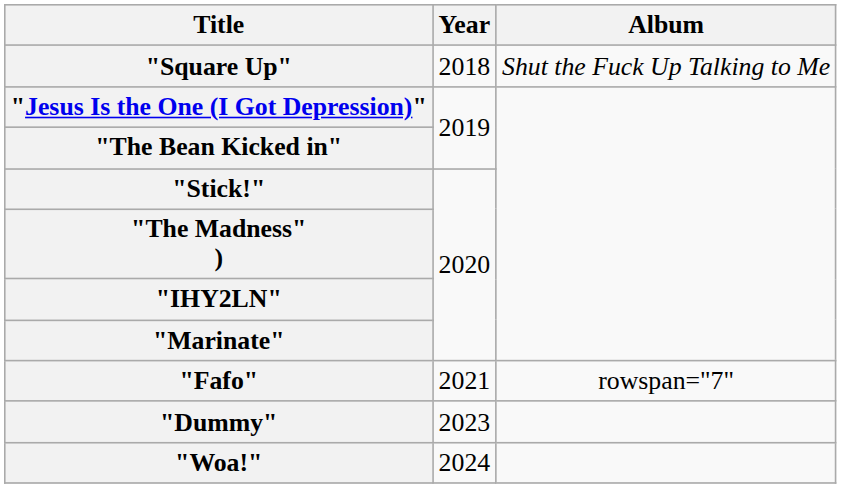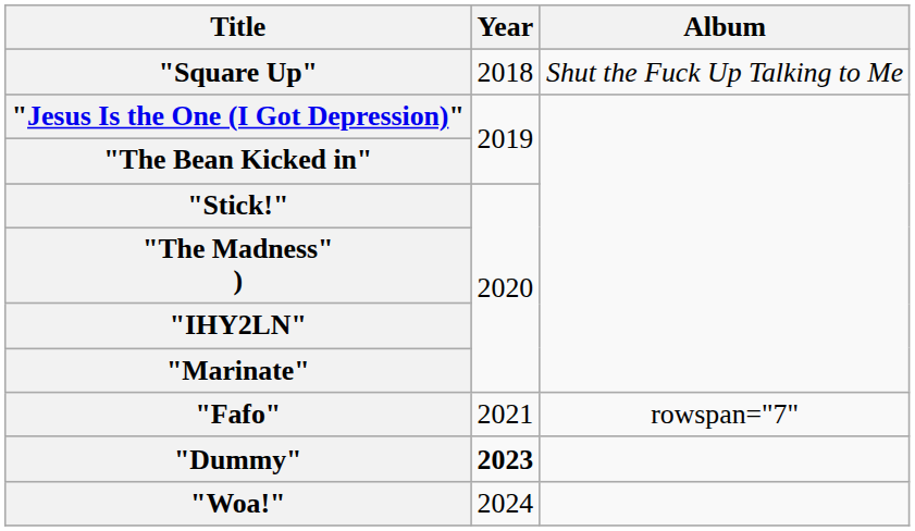 <table class="wikitable plainrowheaders" style="text-align:center;">
 <tr>
 <th scope="col" rowspan="1">Title</th>
 <th scope="col" rowspan="1">Year</th>
 <th scope="col" rowspan="1">Album</th>
 </tr>
 <tr>
 <th scope="row">"Square Up"<br></th>
 <td>2018</td>
 <td><em>Shut the Fuck Up Talking to Me</em></td>
 </tr>
 <tr>
 <th scope="row">"<a href='#'>Jesus Is the One (I Got Depression)</a>"<br></th>
 <td rowspan="2">2019</td>
 </tr>
 <tr>
 <th scope="row">"The Bean Kicked in"</th>
 </tr>
 <tr>
 <th scope="row">"Stick!"<br></th>
 <td rowspan="4">2020</td>
 </tr>
 <tr>
 <th scope="row">"The Madness"<br>)</th>
 </tr>
 <tr>
 <th scope="row">"IHY2LN"</th>
 </tr>
 <tr>
 <th scope="row">"Marinate"</th>
 </tr>
 <tr>
 <th scope="row">"Fafo"</th>
 <td>2021</td>
 <td>rowspan="7" </td>
 </tr>
 <tr>
 <th scope="row">"Dummy"</th>
-<td>2023</td>
+<td><strong>2023</strong></td>
 <td></td>
 </tr>
 <tr>
 <th scope="row">"Woa!"<br></th>
 <td>2024</td>
 <td></td>
 </tr>
 </table>
